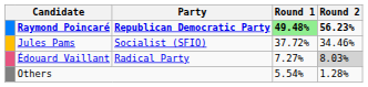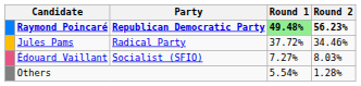 <table class="wikitable" style="font-size: 95%">
 <tr>
 <th colspan=2>Candidate</th>
 <th>Party</th>
 <th>Round 1</th>
 <th>Round 2</th>
 </tr>
 <tr>
 <td bgcolor="#0080FF"> </td>
 <td><strong><a href='#'>Raymond Poincaré</a></strong></td>
 <td><a href='#'><strong>Republican Democratic Party</strong></a></td>
 <td style="background: lightgreen;"><strong>49.48%</strong></td>
 <td><strong>56.23%</strong></td>
 </tr>
 <tr>
 <td bgcolor="#FFBF00"> </td>
 <td><a href='#'>Jules Pams</a></td>
-<td><a href='#'>Socialist (SFIO)</a></td>
+<td><a href='#'>Radical Party</a></td>
 <td>37.72%</td>
 <td>34.46%</td>
 </tr>
 <tr>
 <td bgcolor="#E75480"> </td>
 <td><a href='#'>Édouard Vaillant</a></td>
-<td><a href='#'>Radical Party</a></td>
+<td><a href='#'>Socialist (SFIO)</a></td>
 <td>7.27%</td>
-<td style="background: lightgrey;">8.03%</td>
+<td>8.03%</td>
 </tr>
 <tr>
 <td bgcolor="gray"> </td>
 <td colspan="2">Others</td>
 <td>5.54%</td>
 <td>1.28%</td>
 </tr>
 </table>
